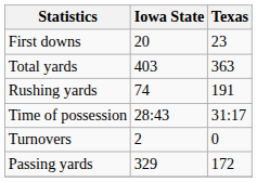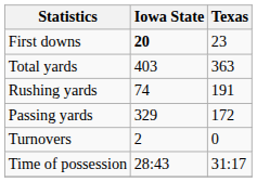 <table class="wikitable" style="float: left;">
 <tr>
 <th>Statistics</th>
 <th>Iowa State</th>
 <th>Texas</th>
 </tr>
 <tr>
 <td>First downs</td>
-<td>20</td>
+<td><strong>20</strong></td>
 <td>23</td>
 </tr>
 <tr>
 <td>Total yards</td>
 <td>403</td>
 <td>363</td>
 </tr>
 <tr>
 <td>Rushing yards</td>
 <td>74</td>
 <td>191</td>
 </tr>
 <tr>
-<td>Time of possession</td>
-<td>28:43</td>
-<td>31:17</td>
+<td>Passing yards</td>
+<td>329</td>
+<td>172</td>
 </tr>
 <tr>
 <td>Turnovers</td>
 <td>2</td>
 <td>0</td>
 </tr>
 <tr>
-<td>Passing yards</td>
-<td>329</td>
-<td>172</td>
+<td>Time of possession</td>
+<td>28:43</td>
+<td>31:17</td>
 </tr>
 <tr>
 </tr>
 </table>
